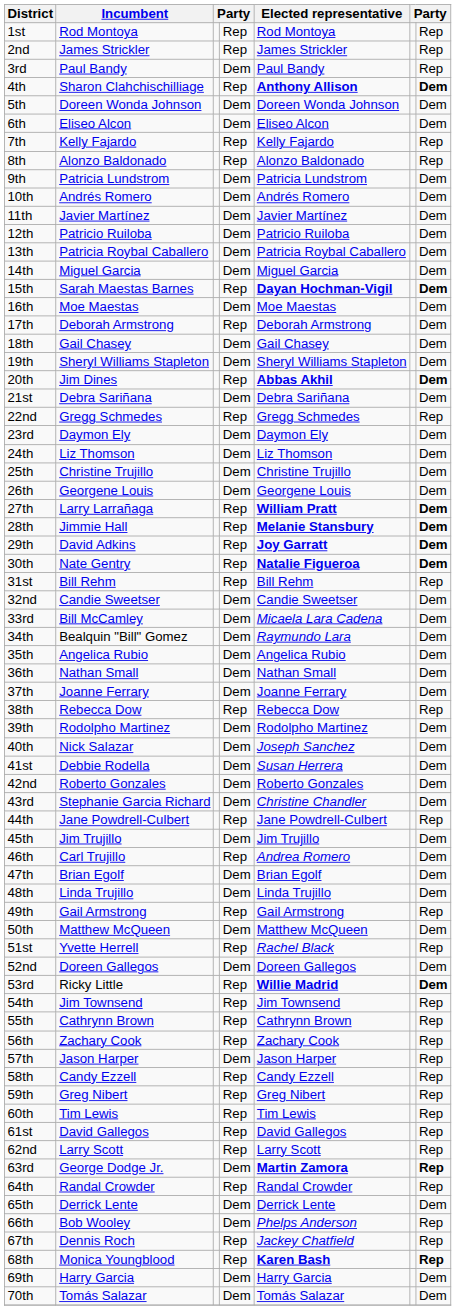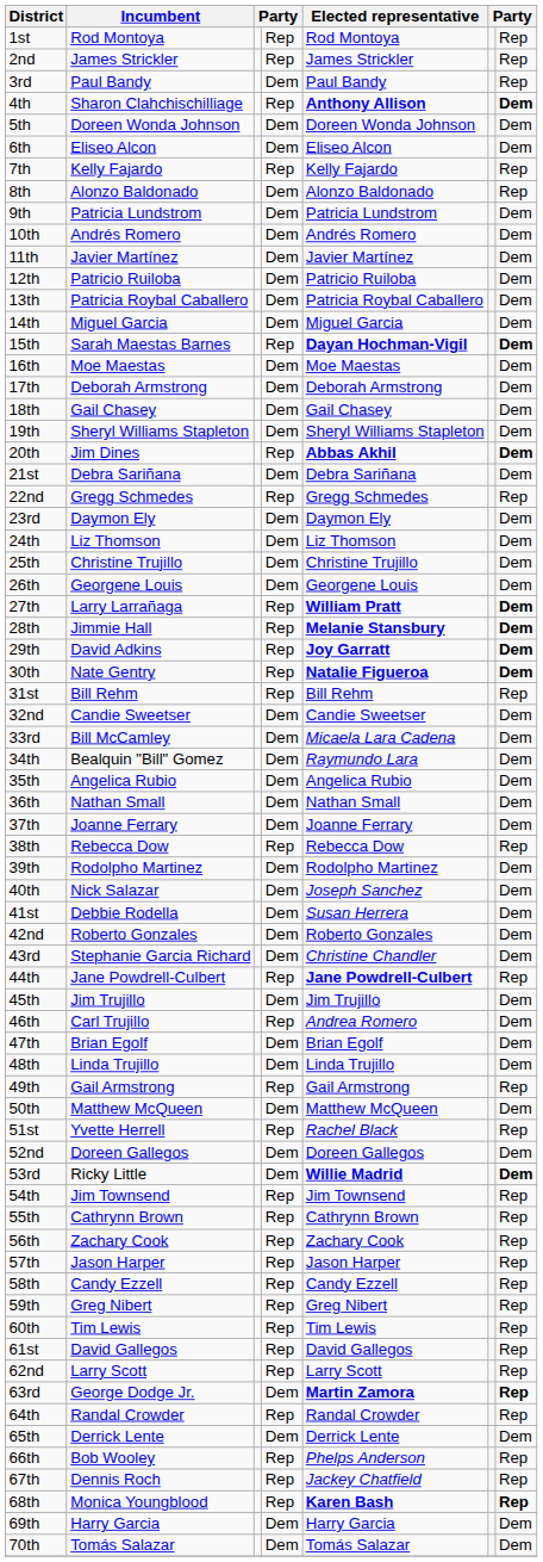 <table class=wikitable style="font-size:95%;line-height:14px;">
 <tr>
 <th>District</th>
 <th><a href='#'>Incumbent</a></th>
 <th colspan=2>Party</th>
 <th>Elected representative</th>
 <th colspan=2>Party</th>
 </tr>
 <tr>
 <td>1st</td>
 <td><a href='#'>Rod Montoya</a></td>
 <td style="background:"></td>
 <td>Rep</td>
 <td><a href='#'>Rod Montoya</a></td>
 <td style="background:"></td>
 <td>Rep</td>
 </tr>
 <tr>
 <td>2nd</td>
 <td><a href='#'>James Strickler</a></td>
 <td style="background:"></td>
 <td>Rep</td>
 <td><a href='#'>James Strickler</a></td>
 <td style="background:"></td>
 <td>Rep</td>
 </tr>
 <tr>
 <td>3rd</td>
 <td><a href='#'>Paul Bandy</a></td>
 <td style="background:"></td>
 <td>Dem</td>
 <td><a href='#'>Paul Bandy</a></td>
 <td style="background:"></td>
 <td>Rep</td>
 </tr>
 <tr>
 <td>4th</td>
 <td><a href='#'>Sharon Clahchischilliage</a></td>
 <td style="background:"></td>
 <td>Rep</td>
 <td><strong><a href='#'>Anthony Allison</a></strong></td>
 <td style="background:"></td>
 <td><strong>Dem</strong></td>
 </tr>
 <tr>
 <td>5th</td>
 <td><a href='#'>Doreen Wonda Johnson</a></td>
 <td style="background:"></td>
 <td>Dem</td>
 <td><a href='#'>Doreen Wonda Johnson</a></td>
 <td style="background:"></td>
 <td>Dem</td>
 </tr>
 <tr>
 <td>6th</td>
 <td><a href='#'>Eliseo Alcon</a></td>
 <td style="background:"></td>
 <td>Dem</td>
 <td><a href='#'>Eliseo Alcon</a></td>
 <td style="background:"></td>
 <td>Dem</td>
 </tr>
 <tr>
 <td>7th</td>
 <td><a href='#'>Kelly Fajardo</a></td>
 <td style="background:"></td>
 <td>Rep</td>
 <td><a href='#'>Kelly Fajardo</a></td>
 <td style="background:"></td>
 <td>Rep</td>
 </tr>
 <tr>
 <td>8th</td>
 <td><a href='#'>Alonzo Baldonado</a></td>
 <td style="background:"></td>
-<td>Rep</td>
+<td>Dem</td>
 <td><a href='#'>Alonzo Baldonado</a></td>
 <td style="background:"></td>
 <td>Rep</td>
 </tr>
 <tr>
 <td>9th</td>
 <td><a href='#'>Patricia Lundstrom</a></td>
 <td style="background:"></td>
 <td>Dem</td>
 <td><a href='#'>Patricia Lundstrom</a></td>
 <td style="background:"></td>
 <td>Dem</td>
 </tr>
 <tr>
 <td>10th</td>
 <td><a href='#'>Andrés Romero</a></td>
 <td style="background:"></td>
 <td>Dem</td>
 <td><a href='#'>Andrés Romero</a></td>
 <td style="background:"></td>
 <td>Dem</td>
 </tr>
 <tr>
 <td>11th</td>
 <td><a href='#'>Javier Martínez</a></td>
 <td style="background:"></td>
 <td>Dem</td>
 <td><a href='#'>Javier Martínez</a></td>
 <td style="background:"></td>
 <td>Dem</td>
 </tr>
 <tr>
 <td>12th</td>
 <td><a href='#'>Patricio Ruiloba</a></td>
 <td style="background:"></td>
 <td>Dem</td>
 <td><a href='#'>Patricio Ruiloba</a></td>
 <td style="background:"></td>
 <td>Dem</td>
 </tr>
 <tr>
 <td>13th</td>
 <td><a href='#'>Patricia Roybal Caballero</a></td>
 <td style="background:"></td>
 <td>Dem</td>
 <td><a href='#'>Patricia Roybal Caballero</a></td>
 <td style="background:"></td>
 <td>Dem</td>
 </tr>
 <tr>
 <td>14th</td>
 <td><a href='#'>Miguel Garcia</a></td>
 <td style="background:"></td>
 <td>Dem</td>
 <td><a href='#'>Miguel Garcia</a></td>
 <td style="background:"></td>
 <td>Dem</td>
 </tr>
 <tr>
 <td>15th</td>
 <td><a href='#'>Sarah Maestas Barnes</a></td>
 <td style="background:"></td>
 <td>Rep</td>
 <td><strong><a href='#'>Dayan Hochman-Vigil</a></strong></td>
 <td style="background:"></td>
 <td><strong>Dem</strong></td>
 </tr>
 <tr>
 <td>16th</td>
 <td><a href='#'>Moe Maestas</a></td>
 <td style="background:"></td>
 <td>Dem</td>
 <td><a href='#'>Moe Maestas</a></td>
 <td style="background:"></td>
 <td>Dem</td>
 </tr>
 <tr>
 <td>17th</td>
 <td><a href='#'>Deborah Armstrong</a></td>
 <td style="background:"></td>
-<td>Rep</td>
+<td>Dem</td>
 <td><a href='#'>Deborah Armstrong</a></td>
 <td style="background:"></td>
 <td>Dem</td>
 </tr>
 <tr>
 <td>18th</td>
 <td><a href='#'>Gail Chasey</a></td>
 <td style="background:"></td>
 <td>Dem</td>
 <td><a href='#'>Gail Chasey</a></td>
 <td style="background:"></td>
 <td>Dem</td>
 </tr>
 <tr>
 <td>19th</td>
 <td><a href='#'>Sheryl Williams Stapleton</a></td>
 <td style="background:"></td>
 <td>Dem</td>
 <td><a href='#'>Sheryl Williams Stapleton</a></td>
 <td style="background:"></td>
 <td>Dem</td>
 </tr>
 <tr>
 <td>20th</td>
 <td><a href='#'>Jim Dines</a></td>
 <td style="background:"></td>
 <td>Rep</td>
 <td><strong><a href='#'>Abbas Akhil</a></strong></td>
 <td style="background:"></td>
 <td><strong>Dem</strong></td>
 </tr>
 <tr>
 <td>21st</td>
 <td><a href='#'>Debra Sariñana</a></td>
 <td style="background:"></td>
 <td>Dem</td>
 <td><a href='#'>Debra Sariñana</a></td>
 <td style="background:"></td>
 <td>Dem</td>
 </tr>
 <tr>
 <td>22nd</td>
 <td><a href='#'>Gregg Schmedes</a></td>
 <td style="background:"></td>
 <td>Rep</td>
 <td><a href='#'>Gregg Schmedes</a></td>
 <td style="background:"></td>
 <td>Rep</td>
 </tr>
 <tr>
 <td>23rd</td>
 <td><a href='#'>Daymon Ely</a></td>
 <td style="background:"></td>
 <td>Dem</td>
 <td><a href='#'>Daymon Ely</a></td>
 <td style="background:"></td>
 <td>Dem</td>
 </tr>
 <tr>
 <td>24th</td>
 <td><a href='#'>Liz Thomson</a></td>
 <td style="background:"></td>
 <td>Dem</td>
 <td><a href='#'>Liz Thomson</a></td>
 <td style="background:"></td>
 <td>Dem</td>
 </tr>
 <tr>
 <td>25th</td>
 <td><a href='#'>Christine Trujillo</a></td>
 <td style="background:"></td>
 <td>Dem</td>
 <td><a href='#'>Christine Trujillo</a></td>
 <td style="background:"></td>
 <td>Dem</td>
 </tr>
 <tr>
 <td>26th</td>
 <td><a href='#'>Georgene Louis</a></td>
 <td style="background:"></td>
 <td>Dem</td>
 <td><a href='#'>Georgene Louis</a></td>
 <td style="background:"></td>
 <td>Dem</td>
 </tr>
 <tr>
 <td>27th</td>
 <td><a href='#'>Larry Larrañaga</a></td>
 <td style="background:"></td>
 <td>Rep</td>
 <td><strong><a href='#'>William Pratt</a></strong></td>
 <td style="background:"></td>
 <td><strong>Dem</strong></td>
 </tr>
 <tr>
 <td>28th</td>
 <td><a href='#'>Jimmie Hall</a></td>
 <td style="background:"></td>
 <td>Rep</td>
 <td><strong><a href='#'>Melanie Stansbury</a></strong></td>
 <td style="background:"></td>
 <td><strong>Dem</strong></td>
 </tr>
 <tr>
 <td>29th</td>
 <td><a href='#'>David Adkins</a></td>
 <td style="background:"></td>
 <td>Rep</td>
 <td><strong><a href='#'>Joy Garratt</a></strong></td>
 <td style="background:"></td>
 <td><strong>Dem</strong></td>
 </tr>
 <tr>
 <td>30th</td>
 <td><a href='#'>Nate Gentry</a></td>
 <td style="background:"></td>
 <td>Rep</td>
 <td><strong><a href='#'>Natalie Figueroa</a></strong></td>
 <td style="background:"></td>
 <td><strong>Dem</strong></td>
 </tr>
 <tr>
 <td>31st</td>
 <td><a href='#'>Bill Rehm</a></td>
 <td style="background:"></td>
 <td>Rep</td>
 <td><a href='#'>Bill Rehm</a></td>
 <td style="background:"></td>
 <td>Rep</td>
 </tr>
 <tr>
 <td>32nd</td>
 <td><a href='#'>Candie Sweetser</a></td>
 <td style="background:"></td>
 <td>Dem</td>
 <td><a href='#'>Candie Sweetser</a></td>
 <td style="background:"></td>
 <td>Dem</td>
 </tr>
 <tr>
 <td>33rd</td>
 <td><a href='#'>Bill McCamley</a></td>
 <td style="background:"></td>
 <td>Dem</td>
 <td><em><a href='#'>Micaela Lara Cadena</a></em></td>
 <td style="background:"></td>
 <td>Dem</td>
 </tr>
 <tr>
 <td>34th</td>
 <td>Bealquin "Bill" Gomez</td>
 <td style="background:"></td>
 <td>Dem</td>
 <td><em><a href='#'>Raymundo Lara</a></em></td>
 <td style="background:"></td>
 <td>Dem</td>
 </tr>
 <tr>
 <td>35th</td>
 <td><a href='#'>Angelica Rubio</a></td>
 <td style="background:"></td>
 <td>Dem</td>
 <td><a href='#'>Angelica Rubio</a></td>
 <td style="background:"></td>
 <td>Dem</td>
 </tr>
 <tr>
 <td>36th</td>
 <td><a href='#'>Nathan Small</a></td>
 <td style="background:"></td>
 <td>Dem</td>
 <td><a href='#'>Nathan Small</a></td>
 <td style="background:"></td>
 <td>Dem</td>
 </tr>
 <tr>
 <td>37th</td>
 <td><a href='#'>Joanne Ferrary</a></td>
 <td style="background:"></td>
 <td>Dem</td>
 <td><a href='#'>Joanne Ferrary</a></td>
 <td style="background:"></td>
 <td>Dem</td>
 </tr>
 <tr>
 <td>38th</td>
 <td><a href='#'>Rebecca Dow</a></td>
 <td style="background:"></td>
 <td>Rep</td>
 <td><a href='#'>Rebecca Dow</a></td>
 <td style="background:"></td>
 <td>Rep</td>
 </tr>
 <tr>
 <td>39th</td>
 <td><a href='#'>Rodolpho Martinez</a></td>
 <td style="background:"></td>
 <td>Dem</td>
 <td><a href='#'>Rodolpho Martinez</a></td>
 <td style="background:"></td>
 <td>Dem</td>
 </tr>
 <tr>
 <td>40th</td>
 <td><a href='#'>Nick Salazar</a></td>
 <td style="background:"></td>
 <td>Dem</td>
 <td><em><a href='#'>Joseph Sanchez</a></em></td>
 <td style="background:"></td>
 <td>Dem</td>
 </tr>
 <tr>
 <td>41st</td>
 <td><a href='#'>Debbie Rodella</a></td>
 <td style="background:"></td>
 <td>Dem</td>
 <td><em><a href='#'>Susan Herrera</a></em></td>
 <td style="background:"></td>
 <td>Dem</td>
 </tr>
 <tr>
 <td>42nd</td>
 <td><a href='#'>Roberto Gonzales</a></td>
 <td style="background:"></td>
 <td>Dem</td>
 <td><a href='#'>Roberto Gonzales</a></td>
 <td style="background:"></td>
 <td>Dem</td>
 </tr>
 <tr>
 <td>43rd</td>
 <td><a href='#'>Stephanie Garcia Richard</a></td>
 <td style="background:"></td>
 <td>Dem</td>
 <td><em><a href='#'>Christine Chandler</a></em></td>
 <td style="background:"></td>
 <td>Dem</td>
 </tr>
 <tr>
 <td>44th</td>
 <td><a href='#'>Jane Powdrell-Culbert</a></td>
 <td style="background:"></td>
 <td>Rep</td>
-<td><a href='#'>Jane Powdrell-Culbert</a></td>
+<td><strong><a href='#'>Jane Powdrell-Culbert</a></strong></td>
 <td style="background:"></td>
 <td>Rep</td>
 </tr>
 <tr>
 <td>45th</td>
 <td><a href='#'>Jim Trujillo</a></td>
 <td style="background:"></td>
 <td>Dem</td>
 <td><a href='#'>Jim Trujillo</a></td>
 <td style="background:"></td>
 <td>Dem</td>
 </tr>
 <tr>
 <td>46th</td>
 <td><a href='#'>Carl Trujillo</a></td>
 <td style="background:"></td>
 <td>Rep</td>
 <td><em><a href='#'>Andrea Romero</a></em></td>
 <td style="background:"></td>
 <td>Dem</td>
 </tr>
 <tr>
 <td>47th</td>
 <td><a href='#'>Brian Egolf</a></td>
 <td style="background:"></td>
 <td>Dem</td>
 <td><a href='#'>Brian Egolf</a></td>
 <td style="background:"></td>
 <td>Dem</td>
 </tr>
 <tr>
 <td>48th</td>
 <td><a href='#'>Linda Trujillo</a></td>
 <td style="background:"></td>
 <td>Dem</td>
 <td><a href='#'>Linda Trujillo</a></td>
 <td style="background:"></td>
 <td>Dem</td>
 </tr>
 <tr>
 <td>49th</td>
 <td><a href='#'>Gail Armstrong</a></td>
 <td style="background:"></td>
 <td>Rep</td>
 <td><a href='#'>Gail Armstrong</a></td>
 <td style="background:"></td>
 <td>Rep</td>
 </tr>
 <tr>
 <td>50th</td>
 <td><a href='#'>Matthew McQueen</a></td>
 <td style="background:"></td>
 <td>Dem</td>
 <td><a href='#'>Matthew McQueen</a></td>
 <td style="background:"></td>
 <td>Dem</td>
 </tr>
 <tr>
 <td>51st</td>
 <td><a href='#'>Yvette Herrell</a></td>
 <td style="background:"></td>
 <td>Rep</td>
 <td><em><a href='#'>Rachel Black</a></em></td>
 <td style="background:"></td>
 <td>Rep</td>
 </tr>
 <tr>
 <td>52nd</td>
 <td><a href='#'>Doreen Gallegos</a></td>
 <td style="background:"></td>
 <td>Dem</td>
 <td><a href='#'>Doreen Gallegos</a></td>
 <td style="background:"></td>
 <td>Dem</td>
 </tr>
 <tr>
 <td>53rd</td>
 <td>Ricky Little</td>
 <td style="background:"></td>
-<td>Rep</td>
+<td>Dem</td>
 <td><strong><a href='#'>Willie Madrid</a></strong></td>
 <td style="background:"></td>
 <td><strong>Dem</strong></td>
 </tr>
 <tr>
 <td>54th</td>
 <td><a href='#'>Jim Townsend</a></td>
 <td style="background:"></td>
 <td>Rep</td>
 <td><a href='#'>Jim Townsend</a></td>
 <td style="background:"></td>
 <td>Rep</td>
 </tr>
 <tr>
 <td>55th</td>
 <td><a href='#'>Cathrynn Brown</a></td>
 <td style="background:"></td>
 <td>Rep</td>
 <td><a href='#'>Cathrynn Brown</a></td>
 <td style="background:"></td>
 <td>Rep</td>
 </tr>
 <tr>
 <td>56th</td>
 <td><a href='#'>Zachary Cook</a></td>
 <td style="background:"></td>
 <td>Rep</td>
 <td><a href='#'>Zachary Cook</a></td>
 <td style="background:"></td>
 <td>Rep</td>
 </tr>
 <tr>
 <td>57th</td>
 <td><a href='#'>Jason Harper</a></td>
 <td style="background:"></td>
-<td>Dem</td>
+<td>Rep</td>
 <td><a href='#'>Jason Harper</a></td>
 <td style="background:"></td>
 <td>Rep</td>
 </tr>
 <tr>
 <td>58th</td>
 <td><a href='#'>Candy Ezzell</a></td>
 <td style="background:"></td>
 <td>Rep</td>
 <td><a href='#'>Candy Ezzell</a></td>
 <td style="background:"></td>
 <td>Rep</td>
 </tr>
 <tr>
 <td>59th</td>
 <td><a href='#'>Greg Nibert</a></td>
 <td style="background:"></td>
 <td>Rep</td>
 <td><a href='#'>Greg Nibert</a></td>
 <td style="background:"></td>
 <td>Rep</td>
 </tr>
 <tr>
 <td>60th</td>
 <td><a href='#'>Tim Lewis</a></td>
 <td style="background:"></td>
 <td>Rep</td>
 <td><a href='#'>Tim Lewis</a></td>
 <td style="background:"></td>
 <td>Rep</td>
 </tr>
 <tr>
 <td>61st</td>
 <td><a href='#'>David Gallegos</a></td>
 <td style="background:"></td>
 <td>Rep</td>
 <td><a href='#'>David Gallegos</a></td>
 <td style="background:"></td>
 <td>Rep</td>
 </tr>
 <tr>
 <td>62nd</td>
 <td><a href='#'>Larry Scott</a></td>
 <td style="background:"></td>
 <td>Rep</td>
 <td><a href='#'>Larry Scott</a></td>
 <td style="background:"></td>
 <td>Rep</td>
 </tr>
 <tr>
 <td>63rd</td>
 <td><a href='#'>George Dodge Jr.</a></td>
 <td style="background:"></td>
 <td>Dem</td>
 <td><strong><a href='#'>Martin Zamora</a></strong></td>
 <td style="background:"></td>
 <td><strong>Rep</strong></td>
 </tr>
 <tr>
 <td>64th</td>
 <td><a href='#'>Randal Crowder</a></td>
 <td style="background:"></td>
 <td>Rep</td>
 <td><a href='#'>Randal Crowder</a></td>
 <td style="background:"></td>
 <td>Rep</td>
 </tr>
 <tr>
 <td>65th</td>
 <td><a href='#'>Derrick Lente</a></td>
 <td style="background:"></td>
 <td>Dem</td>
 <td><a href='#'>Derrick Lente</a></td>
 <td style="background:"></td>
 <td>Dem</td>
 </tr>
 <tr>
 <td>66th</td>
 <td><a href='#'>Bob Wooley</a></td>
 <td style="background:"></td>
-<td>Dem</td>
+<td>Rep</td>
 <td><em><a href='#'>Phelps Anderson</a></em></td>
 <td style="background:"></td>
 <td>Rep</td>
 </tr>
 <tr>
 <td>67th</td>
 <td><a href='#'>Dennis Roch</a></td>
 <td style="background:"></td>
 <td>Rep</td>
 <td><em><a href='#'>Jackey Chatfield</a></em></td>
 <td style="background:"></td>
 <td>Rep</td>
 </tr>
 <tr>
 <td>68th</td>
 <td><a href='#'>Monica Youngblood</a></td>
 <td style="background:"></td>
 <td>Rep</td>
 <td><strong><a href='#'>Karen Bash</a></strong></td>
 <td style="background:"></td>
 <td><strong>Rep</strong></td>
 </tr>
 <tr>
 <td>69th</td>
 <td><a href='#'>Harry Garcia</a></td>
 <td style="background:"></td>
 <td>Dem</td>
 <td><a href='#'>Harry Garcia</a></td>
 <td style="background:"></td>
 <td>Dem</td>
 </tr>
 <tr>
 <td>70th</td>
 <td><a href='#'>Tomás Salazar</a></td>
 <td style="background:"></td>
 <td>Dem</td>
 <td><a href='#'>Tomás Salazar</a></td>
 <td style="background:"></td>
 <td>Dem</td>
 </tr>
 <tr>
 </tr>
 </table>
